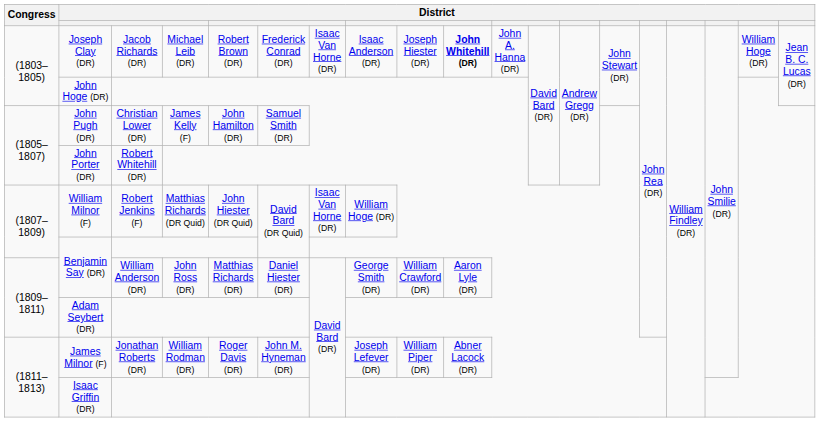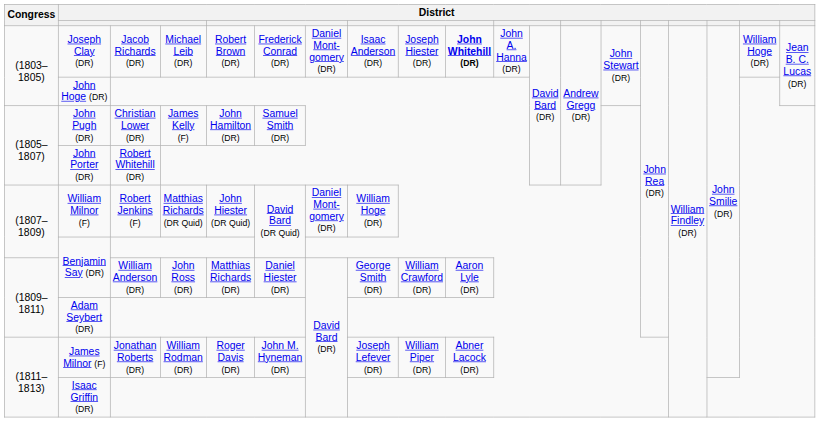 <table class=wikitable style="text-align:center">
 <tr>
 <th rowspan=2>Congress</th>
 <th colspan="18">District</th>
 </tr>
 <tr>
 <th colspan=3> </th>
 <th colspan=3> </th>
 <th colspan=3> </th>
 <th colspan="2"> </th>
 <th></th>
 <th></th>
 <th></th>
 <th></th>
 <th></th>
 <th></th>
 <th></th>
 </tr>
 <tr style="height:2em">
 <td rowspan=2><strong></strong><br>(1803–1805)</td>
 <td><a href='#'>Joseph<br>Clay</a><br><small>(DR)</small></td>
 <td><a href='#'>Jacob<br>Richards</a><br><small>(DR)</small></td>
 <td><a href='#'>Michael<br>Leib</a><br><small>(DR)</small></td>
 <td><a href='#'>Robert<br>Brown</a><br><small>(DR)</small></td>
 <td><a href='#'>Frederick<br>Conrad</a><br><small>(DR)</small></td>
-<td><a href='#'>Isaac<br>Van Horne</a><br><small>(DR)</small></td>
+<td><a href='#'>Daniel<br>Mont­gomery</a><br><small>(DR)</small></td>
 <td><a href='#'>Isaac<br>Anderson</a><br><small>(DR)</small></td>
 <td><a href='#'>Joseph<br>Hiester</a><br><small>(DR)</small></td>
 <td><strong><a href='#'>John<br>Whitehill</a><br><small>(DR)</small></strong></td>
 <td><a href='#'>John A.<br>Hanna</a><br><small>(DR)</small></td>
 <td rowspan="4" ><a href='#'>David<br>Bard</a><br><small>(DR)</small></td>
 <td rowspan="4" ><a href='#'>Andrew<br>Gregg</a><br><small>(DR)</small></td>
 <td rowspan="2" ><a href='#'>John<br>Stewart</a><br><small>(DR)</small></td>
 <td rowspan="8" ><a href='#'>John<br>Rea</a><br><small>(DR)</small></td>
 <td rowspan="10" ><a href='#'>William<br>Findley</a><br><small>(DR)</small></td>
 <td rowspan="9" ><a href='#'>John<br>Smilie</a><br><small>(DR)</small></td>
 <td><a href='#'>William<br>Hoge</a> <small>(DR)</small></td>
 <td rowspan="2" ><a href='#'>Jean B. C.<br>Lucas</a> <small>(DR)</small></td>
 </tr>
 <tr style="height:2em">
 <td><a href='#'>John Hoge</a> <small>(DR)</small></td>
 </tr>
 <tr style="height:2em">
 <td rowspan=2><strong></strong><br>(1805–1807)</td>
 <td><a href='#'>John<br>Pugh</a><br><small>(DR)</small></td>
 <td><a href='#'>Christian<br>Lower</a> <small>(DR)</small></td>
 <td><a href='#'>James<br>Kelly</a><br><small>(F)</small></td>
 <td><a href='#'>John<br>Hamilton</a> <small>(DR)</small></td>
 <td><a href='#'>Samuel<br>Smith</a><br><small>(DR)</small></td>
 </tr>
 <tr style="height:2em">
 <td><a href='#'>John<br>Porter</a><br><small>(DR)</small></td>
 <td><a href='#'>Robert<br>Whitehill</a><br><small>(DR)</small></td>
 </tr>
 <tr style="height:2em">
 <td rowspan=2><strong></strong><br>(1807–1809)</td>
 <td><a href='#'>William<br>Milnor</a><br><small>(F)</small></td>
 <td><a href='#'>Robert<br>Jenkins</a><br><small>(F)</small></td>
 <td><a href='#'>Matthias<br>Richards</a><br><small>(DR Quid)</small></td>
 <td><a href='#'>John<br>Hiester</a><br><small>(DR Quid)</small></td>
 <td rowspan="2" ><a href='#'>David<br>Bard</a><br><small>(DR Quid)</small></td>
-<td><a href='#'>Isaac<br>Van Horne</a><br><small>(DR)</small></td>
+<td><a href='#'>Daniel<br>Mont­gomery</a><br><small>(DR)</small></td>
 <td><a href='#'>William<br>Hoge</a> <small>(DR)</small></td>
 </tr>
 <tr style="height:2em">
 <td rowspan=2 ><a href='#'>Benjamin<br>Say</a> <small>(DR)</small></td>
 </tr>
 <tr style="height:2em">
 <td rowspan=2><strong></strong><br>(1809–1811)</td>
 <td><a href='#'>William<br>Anderson</a><br><small>(DR)</small></td>
 <td><a href='#'>John<br>Ross</a> <small>(DR)</small></td>
 <td><a href='#'>Matthias<br>Richards</a><br><small>(DR)</small></td>
 <td><a href='#'>Daniel<br>Hiester</a> <small>(DR)</small></td>
 <td rowspan="4" ><a href='#'>David<br>Bard</a><br><small>(DR)</small></td>
 <td><a href='#'>George<br>Smith</a><br><small>(DR)</small></td>
 <td><a href='#'>William<br>Crawford</a><br><small>(DR)</small></td>
 <td><a href='#'>Aaron<br>Lyle</a><br><small>(DR)</small></td>
 </tr>
 <tr style="height:2em">
 <td><a href='#'>Adam<br>Seybert</a><br><small>(DR)</small></td>
 </tr>
 <tr style="height:2em">
 <td rowspan=2><strong></strong><br>(1811–1813)</td>
 <td><a href='#'>James<br>Milnor</a> <small>(F)</small></td>
 <td><a href='#'>Jonathan<br>Roberts</a><br><small>(DR)</small></td>
 <td><a href='#'>William<br>Rodman</a><br><small>(DR)</small></td>
 <td><a href='#'>Roger<br>Davis</a> <small>(DR)</small></td>
 <td><a href='#'>John M.<br>Hyneman</a><br><small>(DR)</small></td>
 <td><a href='#'>Joseph<br>Lefever</a> <small>(DR)</small></td>
 <td><a href='#'>William<br>Piper</a><br><small>(DR)</small></td>
 <td><a href='#'>Abner<br>Lacock</a><br><small>(DR)</small></td>
 </tr>
 <tr style="height:2em">
 <td><a href='#'>Isaac<br>Griffin</a> <small>(DR)</small></td>
 </tr>
 </table>
